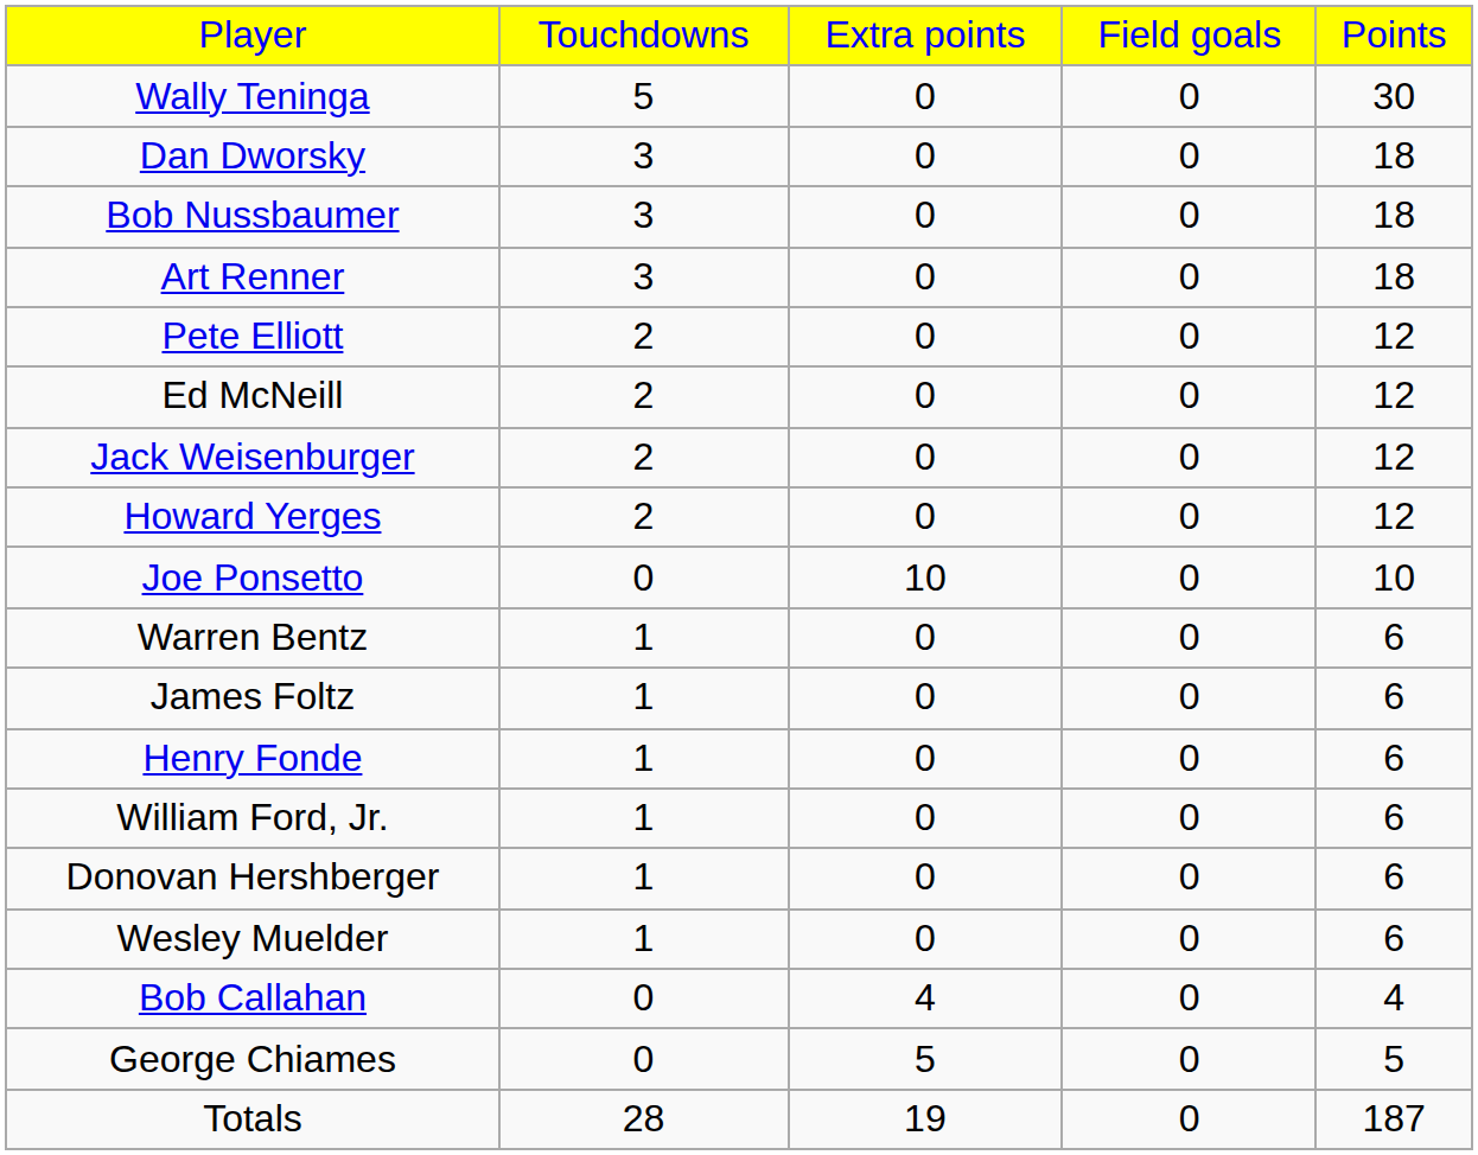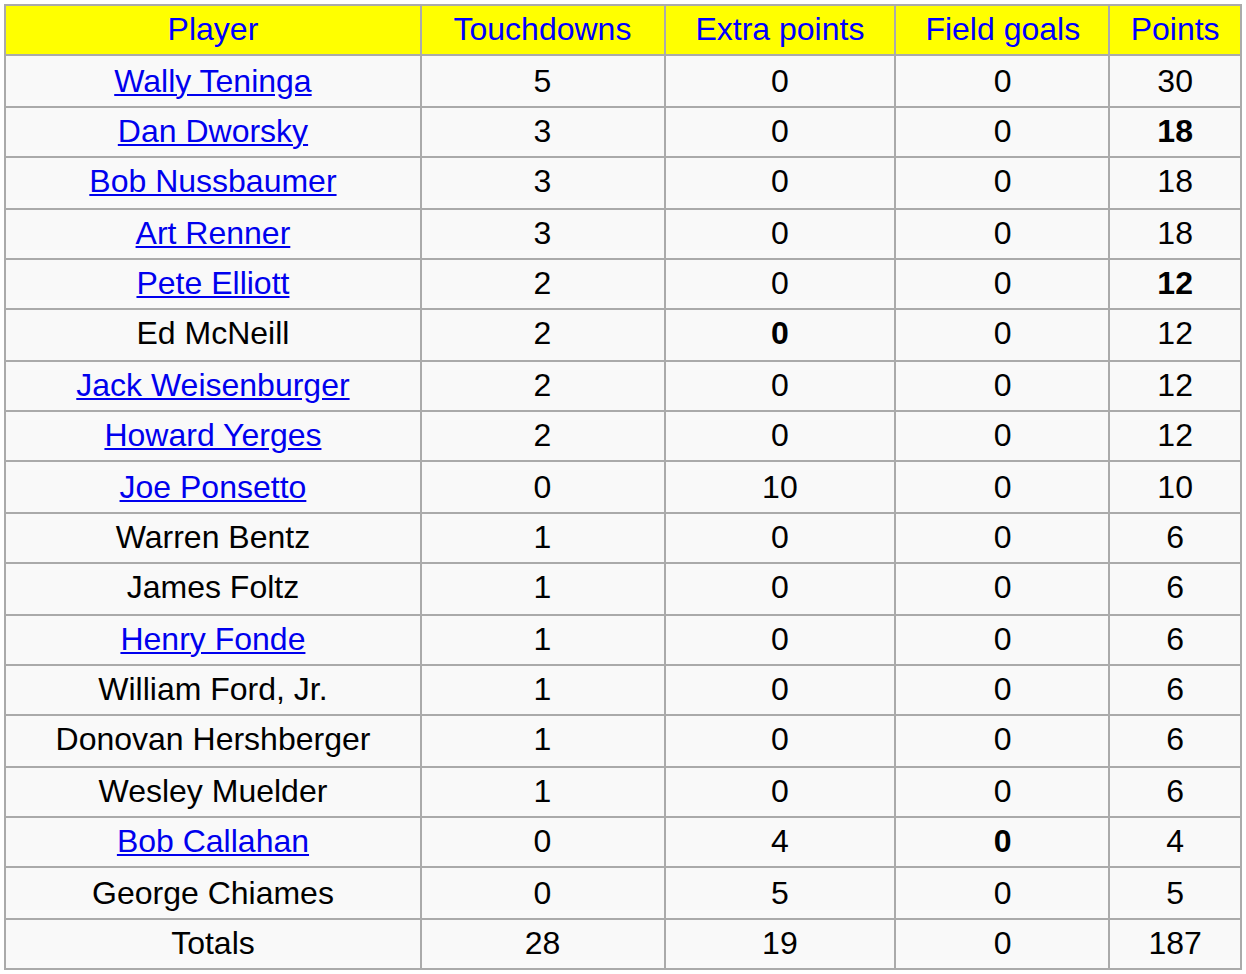 <table class="wikitable" width="70%">
 <tr align="center" style="background:yellow;color:blue;">
 <td>Player</td>
 <td>Touchdowns</td>
 <td>Extra points</td>
 <td>Field goals</td>
 <td>Points</td>
 </tr>
 <tr align="center" bgcolor="">
 <td><a href='#'>Wally Teninga</a></td>
 <td>5</td>
 <td>0</td>
 <td>0</td>
 <td>30</td>
 </tr>
 <tr align="center" bgcolor="">
 <td><a href='#'>Dan Dworsky</a></td>
 <td>3</td>
 <td>0</td>
 <td>0</td>
-<td>18</td>
+<td><strong>18</strong></td>
 </tr>
 <tr align="center" bgcolor="">
 <td><a href='#'>Bob Nussbaumer</a></td>
 <td>3</td>
 <td>0</td>
 <td>0</td>
 <td>18</td>
 </tr>
 <tr align="center" bgcolor="">
 <td><a href='#'>Art Renner</a></td>
 <td>3</td>
 <td>0</td>
 <td>0</td>
 <td>18</td>
 </tr>
 <tr align="center" bgcolor="">
 <td><a href='#'>Pete Elliott</a></td>
 <td>2</td>
 <td>0</td>
 <td>0</td>
-<td>12</td>
+<td><strong>12</strong></td>
 </tr>
 <tr align="center" bgcolor="">
 <td>Ed McNeill</td>
 <td>2</td>
-<td>0</td>
+<td><strong>0</strong></td>
 <td>0</td>
 <td>12</td>
 </tr>
 <tr align="center" bgcolor="">
 <td><a href='#'>Jack Weisenburger</a></td>
 <td>2</td>
 <td>0</td>
 <td>0</td>
 <td>12</td>
 </tr>
 <tr align="center" bgcolor="">
 <td><a href='#'>Howard Yerges</a></td>
 <td>2</td>
 <td>0</td>
 <td>0</td>
 <td>12</td>
 </tr>
 <tr align="center" bgcolor="">
 <td><a href='#'>Joe Ponsetto</a></td>
 <td>0</td>
 <td>10</td>
 <td>0</td>
 <td>10</td>
 </tr>
 <tr align="center" bgcolor="">
 <td>Warren Bentz</td>
 <td>1</td>
 <td>0</td>
 <td>0</td>
 <td>6</td>
 </tr>
 <tr align="center" bgcolor="">
 <td>James Foltz</td>
 <td>1</td>
 <td>0</td>
 <td>0</td>
 <td>6</td>
 </tr>
 <tr align="center" bgcolor="">
 <td><a href='#'>Henry Fonde</a></td>
 <td>1</td>
 <td>0</td>
 <td>0</td>
 <td>6</td>
 </tr>
 <tr align="center" bgcolor="">
 <td>William Ford, Jr.</td>
 <td>1</td>
 <td>0</td>
 <td>0</td>
 <td>6</td>
 </tr>
 <tr align="center" bgcolor="">
 <td>Donovan Hershberger</td>
 <td>1</td>
 <td>0</td>
 <td>0</td>
 <td>6</td>
 </tr>
 <tr align="center" bgcolor="">
 <td>Wesley Muelder</td>
 <td>1</td>
 <td>0</td>
 <td>0</td>
 <td>6</td>
 </tr>
 <tr align="center" bgcolor="">
 <td><a href='#'>Bob Callahan</a></td>
 <td>0</td>
 <td>4</td>
-<td>0</td>
+<td><strong>0</strong></td>
 <td>4</td>
 </tr>
 <tr align="center" bgcolor="">
 <td>George Chiames</td>
 <td>0</td>
 <td>5</td>
 <td>0</td>
 <td>5</td>
 </tr>
 <tr align="center" bgcolor="">
 <td>Totals</td>
 <td>28</td>
 <td>19</td>
 <td>0</td>
 <td>187</td>
 </tr>
 <tr align="center" bgcolor="">
 </tr>
 </table>
